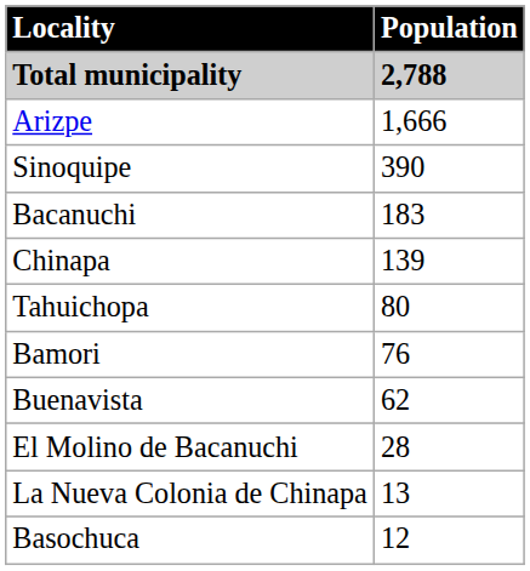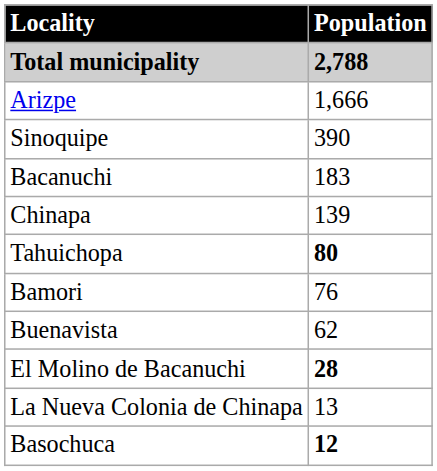 <table class="wikitable">
 <tr style="background:#000000; color:#FFFFFF;">
 <td><strong>Locality</strong></td>
 <td><strong>Population</strong></td>
 </tr>
 <tr style="background:#cfcfcf;">
 <td><strong>Total municipality</strong></td>
 <td><strong>2,788</strong></td>
 </tr>
 <tr style="background:#ffffff">
 <td><a href='#'>Arizpe</a></td>
 <td>1,666</td>
 </tr>
 <tr style="background:#ffffff">
 <td>Sinoquipe</td>
 <td>390</td>
 </tr>
 <tr style="background:#ffffff">
 <td>Bacanuchi</td>
 <td>183</td>
 </tr>
 <tr style="background:#ffffff">
 <td>Chinapa</td>
 <td>139</td>
 </tr>
 <tr style="background:#ffffff">
 <td>Tahuichopa</td>
-<td>80</td>
+<td><strong>80</strong></td>
 </tr>
 <tr style="background:#ffffff">
 <td>Bamori</td>
 <td>76</td>
 </tr>
 <tr style="background:#ffffff">
 <td>Buenavista</td>
 <td>62</td>
 </tr>
 <tr style="background:#ffffff">
 <td>El Molino de Bacanuchi</td>
-<td>28</td>
+<td><strong>28</strong></td>
 </tr>
 <tr style="background:#ffffff">
 <td>La Nueva Colonia de Chinapa</td>
 <td>13</td>
 </tr>
 <tr style="background:#ffffff">
 <td>Basochuca</td>
-<td>12</td>
+<td><strong>12</strong></td>
 </tr>
 </table>
